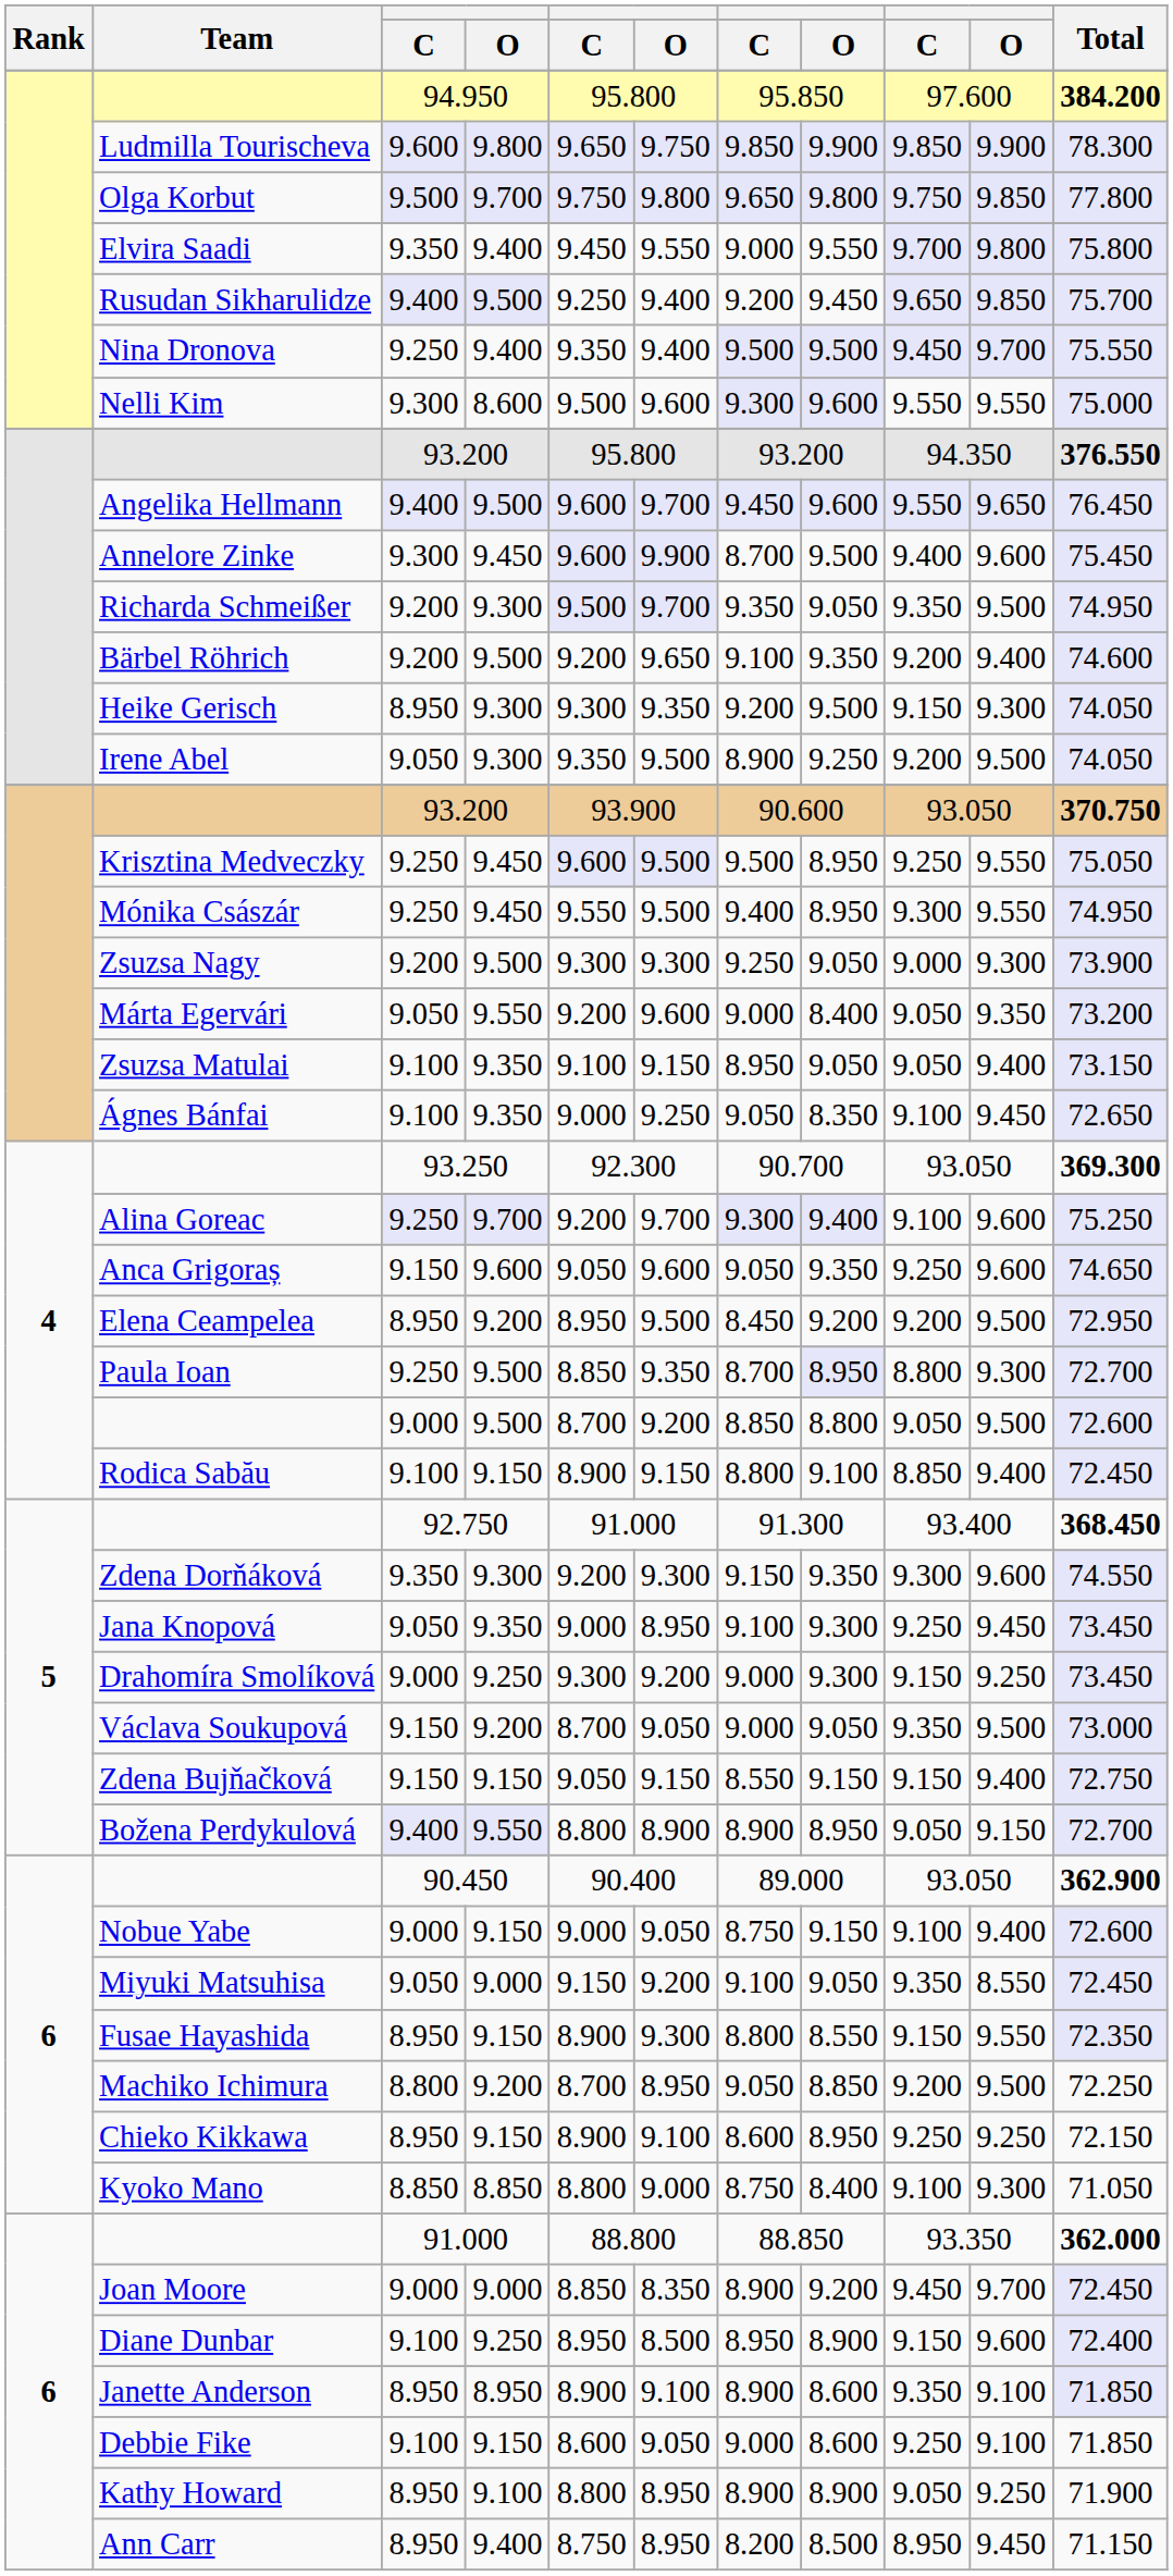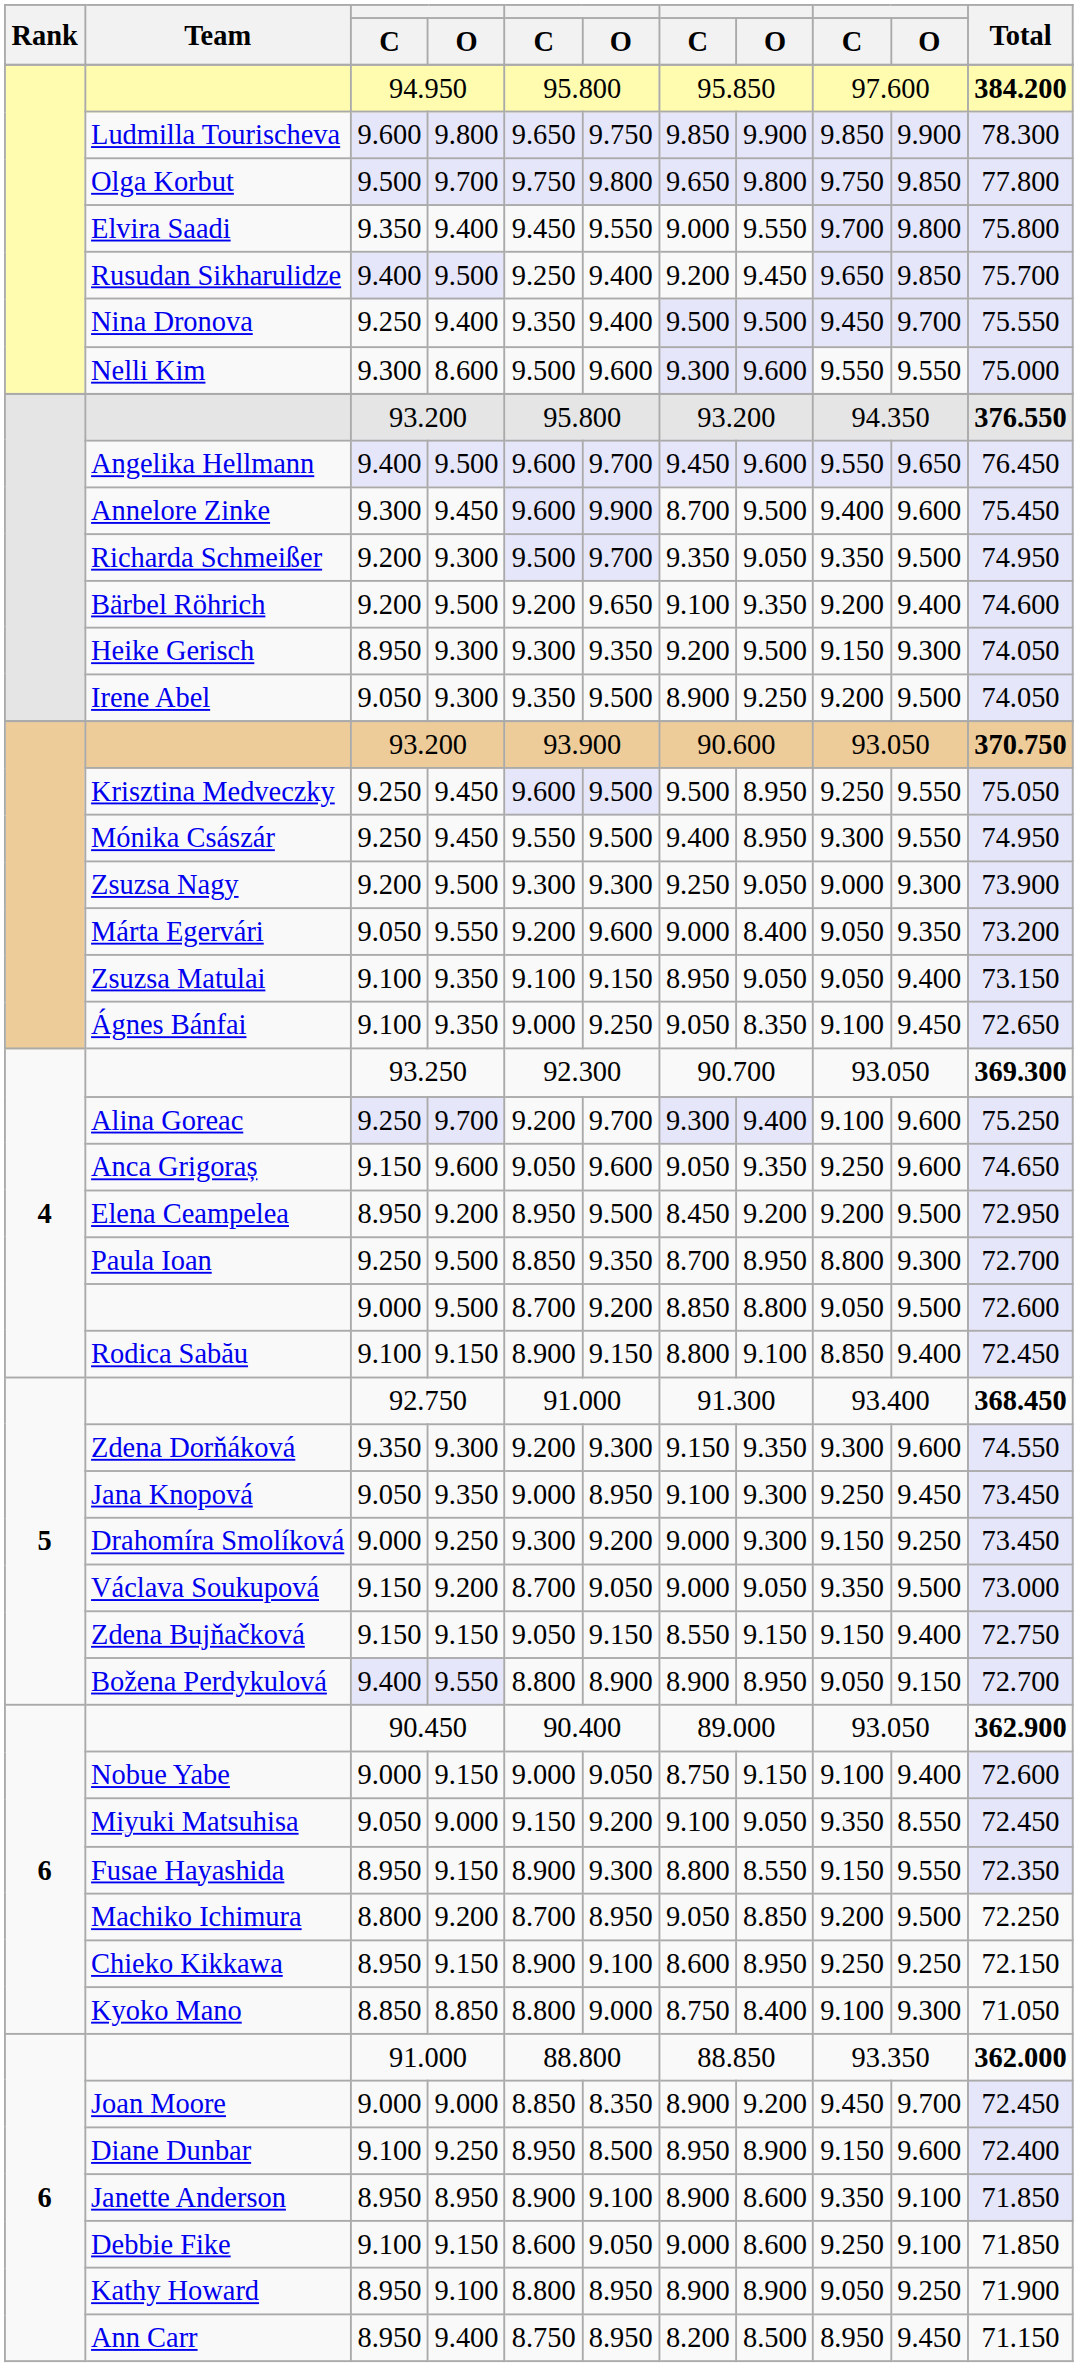 <table class="wikitable" style="text-align:center; font-size:95%">
 <tr>
 <th rowspan=2>Rank</th>
 <th rowspan=2>Team</th>
 <th colspan=2></th>
 <th colspan=2></th>
 <th colspan=2></th>
 <th colspan=2></th>
 <th rowspan=2>Total</th>
 </tr>
 <tr>
 <th>C</th>
 <th>O</th>
 <th>C</th>
 <th>O</th>
 <th>C</th>
 <th>O</th>
 <th>C</th>
 <th>O</th>
 </tr>
 <tr>
 </tr>
 <tr style="background:#fffcaf;">
 <td rowspan=7></td>
 <td style="text-align:left;"><strong></strong></td>
 <td colspan=2>94.950</td>
 <td colspan=2>95.800</td>
 <td colspan=2>95.850</td>
 <td colspan=2>97.600</td>
 <td colspan=1><strong>384.200</strong></td>
 </tr>
 <tr>
 <td align=left><a href='#'>Ludmilla Tourischeva</a></td>
 <td bgcolor="lavender">9.600</td>
 <td bgcolor="lavender">9.800</td>
 <td bgcolor="lavender">9.650</td>
 <td bgcolor="lavender">9.750</td>
 <td bgcolor="lavender">9.850</td>
 <td bgcolor="lavender">9.900</td>
 <td bgcolor="lavender">9.850</td>
 <td bgcolor="lavender">9.900</td>
 <td bgcolor="lavender">78.300</td>
 </tr>
 <tr>
 <td align=left><a href='#'>Olga Korbut</a></td>
 <td bgcolor="lavender">9.500</td>
 <td bgcolor="lavender">9.700</td>
 <td bgcolor="lavender">9.750</td>
 <td bgcolor="lavender">9.800</td>
 <td bgcolor="lavender">9.650</td>
 <td bgcolor="lavender">9.800</td>
 <td bgcolor="lavender">9.750</td>
 <td bgcolor="lavender">9.850</td>
 <td bgcolor="lavender">77.800</td>
 </tr>
 <tr>
 <td align=left><a href='#'>Elvira Saadi</a></td>
 <td>9.350</td>
 <td>9.400</td>
 <td>9.450</td>
 <td>9.550</td>
 <td>9.000</td>
 <td>9.550</td>
 <td bgcolor="lavender">9.700</td>
 <td bgcolor="lavender">9.800</td>
 <td bgcolor="lavender">75.800</td>
 </tr>
 <tr>
 <td align=left><a href='#'>Rusudan Sikharulidze</a></td>
 <td bgcolor="lavender">9.400</td>
 <td bgcolor="lavender">9.500</td>
 <td>9.250</td>
 <td>9.400</td>
 <td>9.200</td>
 <td>9.450</td>
 <td bgcolor="lavender">9.650</td>
 <td bgcolor="lavender">9.850</td>
 <td bgcolor="lavender">75.700</td>
 </tr>
 <tr>
 <td align=left><a href='#'>Nina Dronova</a></td>
 <td>9.250</td>
 <td>9.400</td>
 <td>9.350</td>
 <td>9.400</td>
 <td bgcolor="lavender">9.500</td>
 <td bgcolor="lavender">9.500</td>
 <td bgcolor="lavender">9.450</td>
 <td bgcolor="lavender">9.700</td>
 <td bgcolor="lavender">75.550</td>
 </tr>
 <tr>
 <td align=left><a href='#'>Nelli Kim</a></td>
 <td>9.300</td>
 <td>8.600</td>
 <td>9.500</td>
 <td>9.600</td>
 <td bgcolor="lavender">9.300</td>
 <td bgcolor="lavender">9.600</td>
 <td>9.550</td>
 <td>9.550</td>
 <td bgcolor="lavender">75.000</td>
 </tr>
 <tr>
 </tr>
 <tr style="background:#e5e5e5;">
 <td rowspan=7></td>
 <td style="text-align:left;"><strong></strong></td>
 <td colspan=2>93.200</td>
 <td colspan=2>95.800</td>
 <td colspan=2>93.200</td>
 <td colspan=2>94.350</td>
 <td colspan=1><strong>376.550</strong></td>
 </tr>
 <tr>
 <td align=left><a href='#'>Angelika Hellmann</a></td>
 <td bgcolor="lavender">9.400</td>
 <td bgcolor="lavender">9.500</td>
 <td bgcolor="lavender">9.600</td>
 <td bgcolor="lavender">9.700</td>
 <td bgcolor="lavender">9.450</td>
 <td bgcolor="lavender">9.600</td>
 <td bgcolor="lavender">9.550</td>
 <td bgcolor="lavender">9.650</td>
 <td bgcolor="lavender">76.450</td>
 </tr>
 <tr>
 <td align=left><a href='#'>Annelore Zinke</a></td>
 <td>9.300</td>
 <td>9.450</td>
 <td bgcolor="lavender">9.600</td>
 <td bgcolor="lavender">9.900</td>
 <td>8.700</td>
 <td>9.500</td>
 <td>9.400</td>
 <td>9.600</td>
 <td bgcolor="lavender">75.450</td>
 </tr>
 <tr>
 <td align=left><a href='#'>Richarda Schmeißer</a></td>
 <td>9.200</td>
 <td>9.300</td>
 <td bgcolor="lavender">9.500</td>
 <td bgcolor="lavender">9.700</td>
 <td>9.350</td>
 <td>9.050</td>
 <td>9.350</td>
 <td>9.500</td>
 <td bgcolor="lavender">74.950</td>
 </tr>
 <tr>
 <td align=left><a href='#'>Bärbel Röhrich</a></td>
 <td>9.200</td>
 <td>9.500</td>
 <td>9.200</td>
 <td>9.650</td>
 <td>9.100</td>
 <td>9.350</td>
 <td>9.200</td>
 <td>9.400</td>
 <td bgcolor="lavender">74.600</td>
 </tr>
 <tr>
 <td align=left><a href='#'>Heike Gerisch</a></td>
 <td>8.950</td>
 <td>9.300</td>
 <td>9.300</td>
 <td>9.350</td>
 <td>9.200</td>
 <td>9.500</td>
 <td>9.150</td>
 <td>9.300</td>
 <td bgcolor="lavender">74.050</td>
 </tr>
 <tr>
 <td align=left><a href='#'>Irene Abel</a></td>
 <td>9.050</td>
 <td>9.300</td>
 <td>9.350</td>
 <td>9.500</td>
 <td>8.900</td>
 <td>9.250</td>
 <td>9.200</td>
 <td>9.500</td>
 <td bgcolor="lavender">74.050</td>
 </tr>
 <tr>
 </tr>
 <tr style="background:#ec9;">
 <td rowspan=7></td>
 <td style="text-align:left;"><strong></strong></td>
 <td colspan=2>93.200</td>
 <td colspan=2>93.900</td>
 <td colspan=2>90.600</td>
 <td colspan="2">93.050</td>
 <td colspan=1><strong>370.750</strong></td>
 </tr>
 <tr>
 <td align=left><a href='#'>Krisztina Medveczky</a></td>
 <td>9.250</td>
 <td>9.450</td>
 <td bgcolor="lavender">9.600</td>
 <td bgcolor="lavender">9.500</td>
 <td>9.500</td>
 <td>8.950</td>
 <td>9.250</td>
 <td>9.550</td>
 <td bgcolor="lavender">75.050</td>
 </tr>
 <tr>
 <td align=left><a href='#'>Mónika Császár</a></td>
 <td>9.250</td>
 <td>9.450</td>
 <td>9.550</td>
 <td>9.500</td>
 <td>9.400</td>
 <td>8.950</td>
 <td>9.300</td>
 <td>9.550</td>
 <td bgcolor="lavender">74.950</td>
 </tr>
 <tr>
 <td align=left><a href='#'>Zsuzsa Nagy</a></td>
 <td>9.200</td>
 <td>9.500</td>
 <td>9.300</td>
 <td>9.300</td>
 <td>9.250</td>
 <td>9.050</td>
 <td>9.000</td>
 <td>9.300</td>
 <td bgcolor="lavender">73.900</td>
 </tr>
 <tr>
 <td align=left><a href='#'>Márta Egervári</a></td>
 <td>9.050</td>
 <td>9.550</td>
 <td>9.200</td>
 <td>9.600</td>
 <td>9.000</td>
 <td>8.400</td>
 <td>9.050</td>
 <td>9.350</td>
 <td bgcolor="lavender">73.200</td>
 </tr>
 <tr>
 <td align=left><a href='#'>Zsuzsa Matulai</a></td>
 <td>9.100</td>
 <td>9.350</td>
 <td>9.100</td>
 <td>9.150</td>
 <td>8.950</td>
 <td>9.050</td>
 <td>9.050</td>
 <td>9.400</td>
 <td bgcolor="lavender">73.150</td>
 </tr>
 <tr>
 <td align=left><a href='#'>Ágnes Bánfai</a></td>
 <td>9.100</td>
 <td>9.350</td>
 <td>9.000</td>
 <td>9.250</td>
 <td>9.050</td>
 <td>8.350</td>
 <td>9.100</td>
 <td>9.450</td>
 <td bgcolor="lavender">72.650</td>
 </tr>
 <tr 9>
 <td rowspan=7><strong>4</strong></td>
 <td style="text-align:left;"><strong></strong></td>
 <td colspan=2>93.250</td>
 <td colspan=2>92.300</td>
 <td colspan=2>90.700</td>
 <td colspan=2>93.050</td>
 <td colspan=1><strong>369.300</strong></td>
 </tr>
 <tr>
 <td align=left><a href='#'>Alina Goreac</a></td>
 <td bgcolor="lavender">9.250</td>
 <td bgcolor="lavender">9.700</td>
 <td>9.200</td>
 <td>9.700</td>
 <td bgcolor="lavender">9.300</td>
 <td bgcolor="lavender">9.400</td>
 <td>9.100</td>
 <td>9.600</td>
 <td bgcolor="lavender">75.250</td>
 </tr>
 <tr>
 <td align=left><a href='#'>Anca Grigoraș</a></td>
 <td>9.150</td>
 <td>9.600</td>
 <td>9.050</td>
 <td>9.600</td>
 <td>9.050</td>
 <td>9.350</td>
 <td>9.250</td>
 <td>9.600</td>
 <td bgcolor="lavender">74.650</td>
 </tr>
 <tr>
 <td align=left><a href='#'>Elena Ceampelea</a></td>
 <td>8.950</td>
 <td>9.200</td>
 <td>8.950</td>
 <td>9.500</td>
 <td>8.450</td>
 <td>9.200</td>
 <td>9.200</td>
 <td>9.500</td>
 <td bgcolor="lavender">72.950</td>
 </tr>
 <tr>
 <td align=left><a href='#'>Paula Ioan</a></td>
 <td>9.250</td>
 <td>9.500</td>
 <td>8.850</td>
 <td>9.350</td>
 <td>8.700</td>
-<td style="background: lavender;">8.950</td>
+<td>8.950</td>
 <td>8.800</td>
 <td>9.300</td>
 <td bgcolor="lavender">72.700</td>
 </tr>
 <tr>
 <td align=left></td>
 <td>9.000</td>
 <td>9.500</td>
 <td>8.700</td>
 <td>9.200</td>
 <td>8.850</td>
 <td>8.800</td>
 <td>9.050</td>
 <td>9.500</td>
 <td bgcolor="lavender">72.600</td>
 </tr>
 <tr>
 <td align=left><a href='#'>Rodica Sabău</a></td>
 <td>9.100</td>
 <td>9.150</td>
 <td>8.900</td>
 <td>9.150</td>
 <td>8.800</td>
 <td>9.100</td>
 <td>8.850</td>
 <td>9.400</td>
 <td bgcolor="lavender">72.450</td>
 </tr>
 <tr>
 <td rowspan=7><strong>5</strong></td>
 <td style="text-align:left;"><strong></strong></td>
 <td colspan=2>92.750</td>
 <td colspan=2>91.000</td>
 <td colspan=2>91.300</td>
 <td colspan=2>93.400</td>
 <td colspan=1><strong>368.450</strong></td>
 </tr>
 <tr>
 <td align=left><a href='#'>Zdena Dorňáková</a></td>
 <td>9.350</td>
 <td>9.300</td>
 <td>9.200</td>
 <td>9.300</td>
 <td>9.150</td>
 <td>9.350</td>
 <td>9.300</td>
 <td>9.600</td>
 <td bgcolor="lavender">74.550</td>
 </tr>
 <tr>
 <td align=left><a href='#'>Jana Knopová</a></td>
 <td>9.050</td>
 <td>9.350</td>
 <td>9.000</td>
 <td>8.950</td>
 <td>9.100</td>
 <td>9.300</td>
 <td>9.250</td>
 <td>9.450</td>
 <td bgcolor="lavender">73.450</td>
 </tr>
 <tr>
 <td align=left><a href='#'>Drahomíra Smolíková</a></td>
 <td>9.000</td>
 <td>9.250</td>
 <td>9.300</td>
 <td>9.200</td>
 <td>9.000</td>
 <td>9.300</td>
 <td>9.150</td>
 <td>9.250</td>
 <td bgcolor="lavender">73.450</td>
 </tr>
 <tr>
 <td align=left><a href='#'>Václava Soukupová</a></td>
 <td>9.150</td>
 <td>9.200</td>
 <td>8.700</td>
 <td>9.050</td>
 <td>9.000</td>
 <td>9.050</td>
 <td>9.350</td>
 <td>9.500</td>
 <td bgcolor="lavender">73.000</td>
 </tr>
 <tr>
 <td align=left><a href='#'>Zdena Bujňačková</a></td>
 <td>9.150</td>
 <td>9.150</td>
 <td>9.050</td>
 <td>9.150</td>
 <td>8.550</td>
 <td>9.150</td>
 <td>9.150</td>
 <td>9.400</td>
 <td bgcolor="lavender">72.750</td>
 </tr>
 <tr>
 <td align=left><a href='#'>Božena Perdykulová</a></td>
 <td bgcolor="lavender">9.400</td>
 <td bgcolor="lavender">9.550</td>
 <td>8.800</td>
 <td>8.900</td>
 <td>8.900</td>
 <td>8.950</td>
 <td>9.050</td>
 <td>9.150</td>
 <td bgcolor="lavender">72.700</td>
 </tr>
 <tr>
 <td rowspan=7><strong>6</strong></td>
 <td style="text-align:left;"><strong></strong></td>
 <td colspan=2>90.450</td>
 <td colspan=2>90.400</td>
 <td colspan=2>89.000</td>
 <td colspan=2>93.050</td>
 <td colspan=1><strong>362.900</strong></td>
 </tr>
 <tr>
 <td align=left><a href='#'>Nobue Yabe</a></td>
 <td>9.000</td>
 <td>9.150</td>
 <td>9.000</td>
 <td>9.050</td>
 <td>8.750</td>
 <td>9.150</td>
 <td>9.100</td>
 <td>9.400</td>
 <td bgcolor="lavender">72.600</td>
 </tr>
 <tr>
 <td align=left><a href='#'>Miyuki Matsuhisa</a></td>
 <td>9.050</td>
 <td>9.000</td>
 <td>9.150</td>
 <td>9.200</td>
 <td>9.100</td>
 <td>9.050</td>
 <td>9.350</td>
 <td>8.550</td>
 <td bgcolor="lavender">72.450</td>
 </tr>
 <tr>
 <td align=left><a href='#'>Fusae Hayashida</a></td>
 <td>8.950</td>
 <td>9.150</td>
 <td>8.900</td>
 <td>9.300</td>
 <td>8.800</td>
 <td>8.550</td>
 <td>9.150</td>
 <td>9.550</td>
 <td bgcolor="lavender">72.350</td>
 </tr>
 <tr>
 <td align=left><a href='#'>Machiko Ichimura</a></td>
 <td>8.800</td>
 <td>9.200</td>
 <td>8.700</td>
 <td>8.950</td>
 <td>9.050</td>
 <td>8.850</td>
 <td>9.200</td>
 <td>9.500</td>
 <td>72.250</td>
 </tr>
 <tr>
 <td align=left><a href='#'>Chieko Kikkawa</a></td>
 <td>8.950</td>
 <td>9.150</td>
 <td>8.900</td>
 <td>9.100</td>
 <td>8.600</td>
 <td>8.950</td>
 <td>9.250</td>
 <td>9.250</td>
 <td>72.150</td>
 </tr>
 <tr>
 <td align=left><a href='#'>Kyoko Mano</a></td>
 <td>8.850</td>
 <td>8.850</td>
 <td>8.800</td>
 <td>9.000</td>
 <td>8.750</td>
 <td>8.400</td>
 <td>9.100</td>
 <td>9.300</td>
 <td>71.050</td>
 </tr>
 <tr>
 <td rowspan=7><strong>6</strong></td>
 <td style="text-align:left;"><strong></strong></td>
 <td colspan=2>91.000</td>
 <td colspan=2>88.800</td>
 <td colspan=2>88.850</td>
 <td colspan=2>93.350</td>
 <td colspan=1><strong>362.000</strong></td>
 </tr>
 <tr>
 <td align=left><a href='#'>Joan Moore</a></td>
 <td>9.000</td>
 <td>9.000</td>
 <td>8.850</td>
 <td>8.350</td>
 <td>8.900</td>
 <td>9.200</td>
 <td>9.450</td>
 <td>9.700</td>
 <td bgcolor="lavender">72.450</td>
 </tr>
 <tr>
 <td align=left><a href='#'>Diane Dunbar</a></td>
 <td>9.100</td>
 <td>9.250</td>
 <td>8.950</td>
 <td>8.500</td>
 <td>8.950</td>
 <td>8.900</td>
 <td>9.150</td>
 <td>9.600</td>
 <td bgcolor="lavender">72.400</td>
 </tr>
 <tr>
 <td align=left><a href='#'>Janette Anderson</a></td>
 <td>8.950</td>
 <td>8.950</td>
 <td>8.900</td>
 <td>9.100</td>
 <td>8.900</td>
 <td>8.600</td>
 <td>9.350</td>
 <td>9.100</td>
 <td bgcolor="lavender">71.850</td>
 </tr>
 <tr>
 <td align=left><a href='#'>Debbie Fike</a></td>
 <td>9.100</td>
 <td>9.150</td>
 <td>8.600</td>
 <td>9.050</td>
 <td>9.000</td>
 <td>8.600</td>
 <td>9.250</td>
 <td>9.100</td>
 <td>71.850</td>
 </tr>
 <tr>
 <td align=left><a href='#'>Kathy Howard</a></td>
 <td>8.950</td>
 <td>9.100</td>
 <td>8.800</td>
 <td>8.950</td>
 <td>8.900</td>
 <td>8.900</td>
 <td>9.050</td>
 <td>9.250</td>
 <td>71.900</td>
 </tr>
 <tr>
 <td align=left><a href='#'>Ann Carr</a></td>
 <td>8.950</td>
 <td>9.400</td>
 <td>8.750</td>
 <td>8.950</td>
 <td>8.200</td>
 <td>8.500</td>
 <td>8.950</td>
 <td>9.450</td>
 <td>71.150</td>
 </tr>
 </table>
